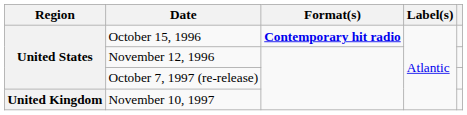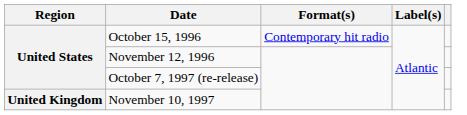 <table class="wikitable plainrowheaders">
 <tr>
 <th scope="col">Region</th>
 <th scope="col">Date</th>
 <th scope="col">Format(s)</th>
 <th scope="col">Label(s)</th>
 <th scope="col"></th>
 </tr>
 <tr>
 <th scope="row" rowspan="3">United States</th>
 <td>October 15, 1996</td>
-<td><strong><a href='#'>Contemporary hit radio</a></strong></td>
+<td><a href='#'>Contemporary hit radio</a></td>
 <td rowspan="4"><a href='#'>Atlantic</a></td>
 <td></td>
 </tr>
 <tr>
 <td>November 12, 1996</td>
 <td rowspan="3"></td>
 <td></td>
 </tr>
 <tr>
 <td>October 7, 1997 (re-release)</td>
 <td></td>
 </tr>
 <tr>
 <th scope="row">United Kingdom</th>
 <td>November 10, 1997</td>
 <td></td>
 </tr>
 </table>
